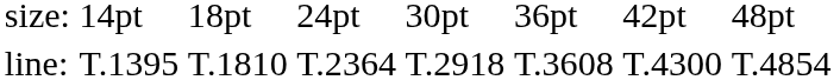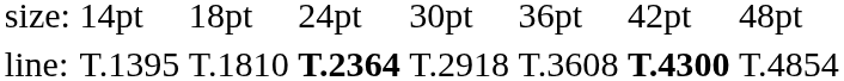 <table style="margin-left:40px;">
 <tr>
 <td>size:</td>
 <td>14pt</td>
 <td>18pt</td>
 <td>24pt</td>
 <td>30pt</td>
 <td>36pt</td>
 <td>42pt</td>
 <td>48pt</td>
 </tr>
 <tr>
 <td>line:</td>
 <td>T.1395</td>
 <td>T.1810</td>
-<td>T.2364</td>
+<td><strong>T.2364</strong></td>
 <td>T.2918</td>
 <td>T.3608</td>
-<td>T.4300</td>
+<td><strong>T.4300</strong></td>
 <td>T.4854</td>
 </tr>
 </table>
